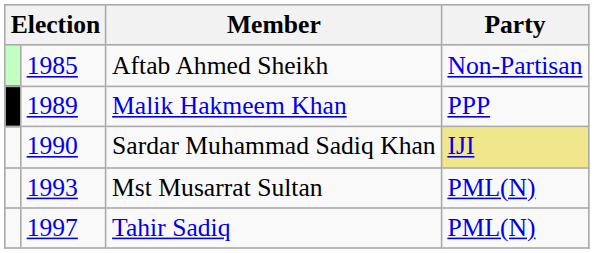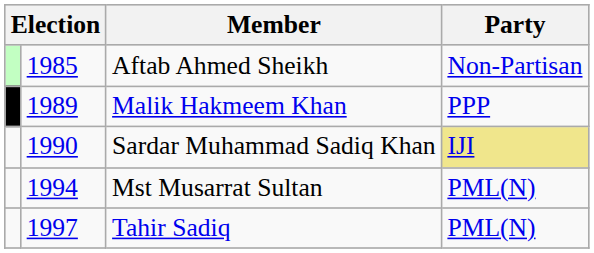 <table class="wikitable">
 <tr>
 <th colspan="2">Election</th>
 <th>Member</th>
 <th>Party</th>
 </tr>
 <tr>
 <td style="background-color:#c2ffc2"></td>
 <td><a href='#'>1985</a></td>
 <td>Aftab Ahmed Sheikh</td>
 <td><a href='#'>Non-Partisan</a></td>
 </tr>
 <tr>
 <td style="background-color:#000000"></td>
 <td><a href='#'>1989</a></td>
 <td><a href='#'>Malik Hakmeem Khan</a></td>
 <td><a href='#'>PPP</a></td>
 </tr>
 <tr>
 <td style="background-color: "></td>
 <td><a href='#'>1990</a></td>
 <td>Sardar Muhammad Sadiq Khan</td>
 <td style="background: khaki;"><a href='#'>IJI</a></td>
 </tr>
 <tr>
 <td style="background-color: "></td>
-<td><a href='#'>1993</a></td>
+<td><a href='#'>1994</a></td>
 <td>Mst Musarrat Sultan</td>
 <td><a href='#'>PML(N)</a></td>
 </tr>
 <tr>
 <td style="background-color: "></td>
 <td><a href='#'>1997</a></td>
 <td><a href='#'>Tahir Sadiq</a></td>
 <td><a href='#'>PML(N)</a></td>
 </tr>
 </table>
